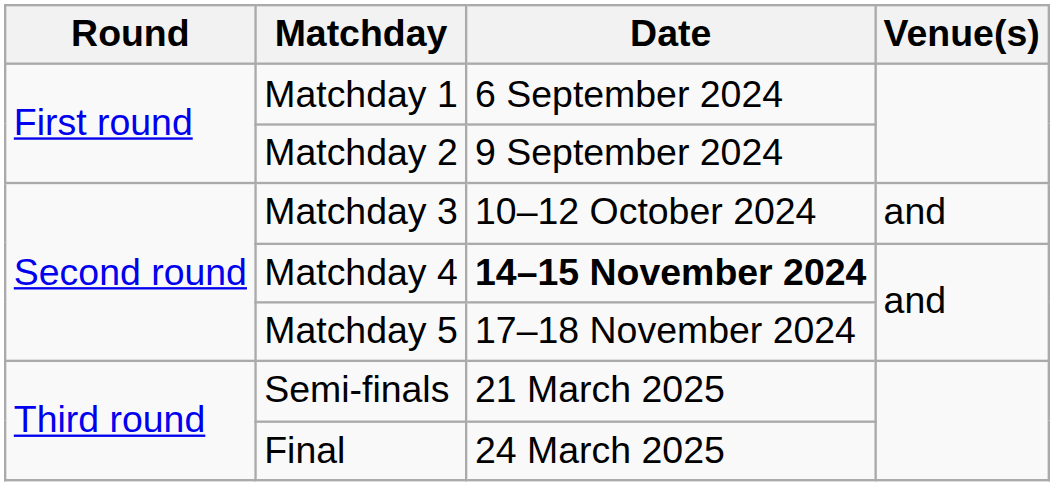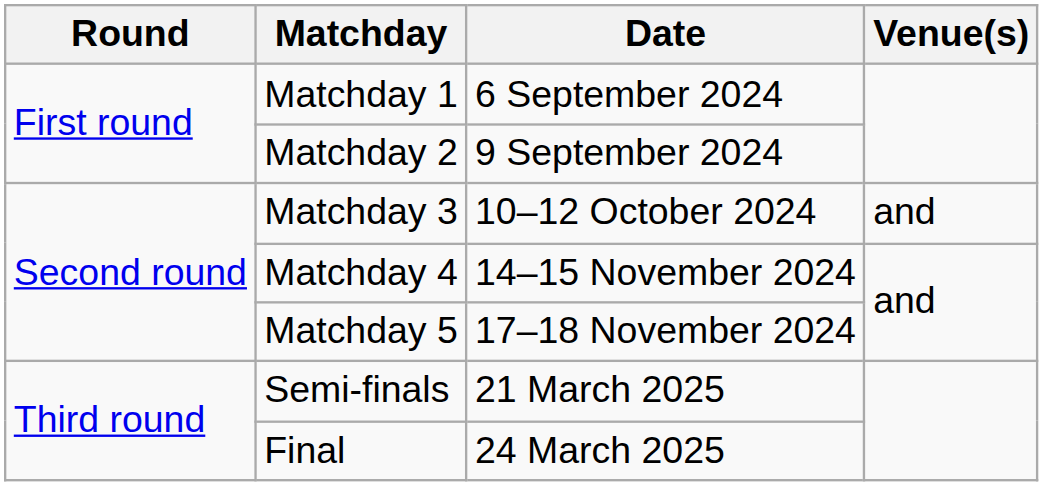 <table class="wikitable">
 <tr>
 <th>Round</th>
 <th>Matchday</th>
 <th>Date</th>
 <th>Venue(s)</th>
 </tr>
 <tr>
 <td rowspan="2"><a href='#'>First round</a></td>
 <td>Matchday 1</td>
 <td>6 September 2024</td>
 <td rowspan="2"></td>
 </tr>
 <tr>
 <td>Matchday 2</td>
 <td>9 September 2024</td>
 </tr>
 <tr>
 <td rowspan="3"><a href='#'>Second round</a></td>
 <td>Matchday 3</td>
 <td>10–12 October 2024</td>
 <td> and </td>
 </tr>
 <tr>
 <td>Matchday 4</td>
-<td><strong>14–15 November 2024</strong></td>
+<td>14–15 November 2024</td>
 <td rowspan="2"> and </td>
 </tr>
 <tr>
 <td>Matchday 5</td>
 <td>17–18 November 2024</td>
 </tr>
 <tr>
 <td rowspan="2"><a href='#'>Third round</a></td>
 <td>Semi-finals</td>
 <td>21 March 2025</td>
 <td rowspan="2"></td>
 </tr>
 <tr>
 <td>Final</td>
 <td>24 March 2025</td>
 </tr>
 </table>
